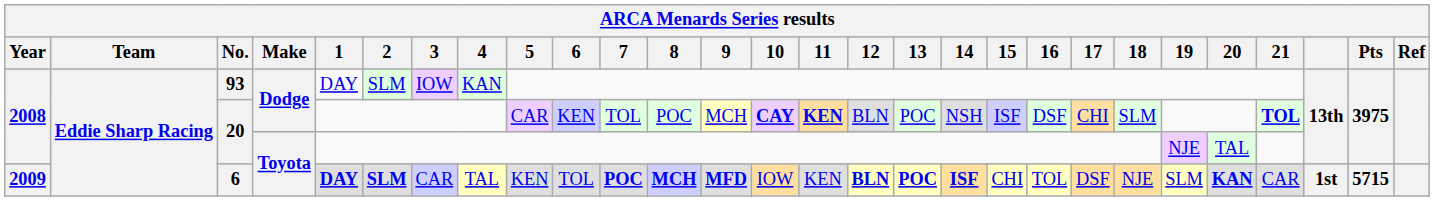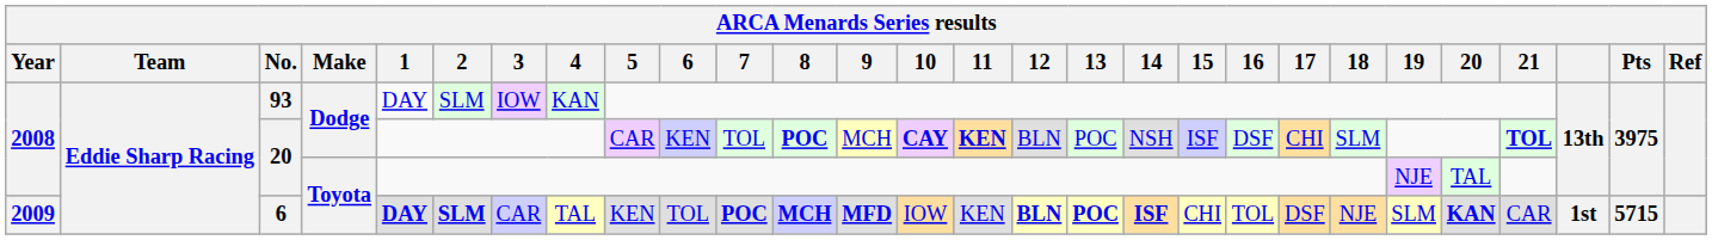 <table class="wikitable" style="text-align:center; font-size:75%">
 <tr>
 <th colspan=28><a href='#'>ARCA Menards Series</a> results</th>
 </tr>
 <tr>
 <th>Year</th>
 <th>Team</th>
 <th>No.</th>
 <th>Make</th>
 <th>1</th>
 <th>2</th>
 <th>3</th>
 <th>4</th>
 <th>5</th>
 <th>6</th>
 <th>7</th>
 <th>8</th>
 <th>9</th>
 <th>10</th>
 <th>11</th>
 <th>12</th>
 <th>13</th>
 <th>14</th>
 <th>15</th>
 <th>16</th>
 <th>17</th>
 <th>18</th>
 <th>19</th>
 <th>20</th>
 <th>21</th>
 <th></th>
 <th>Pts</th>
 <th>Ref</th>
 </tr>
 <tr>
 <th rowspan=3><a href='#'>2008</a></th>
 <th rowspan=5><a href='#'>Eddie Sharp Racing</a></th>
 <th>93</th>
 <th rowspan=2><a href='#'>Dodge</a></th>
 <td><a href='#'>DAY</a></td>
 <td style="background:#DFFFDF;"><a href='#'>SLM</a><br></td>
 <td style="background:#EFCFFF;"><a href='#'>IOW</a><br></td>
 <td style="background:#DFFFDF;"><a href='#'>KAN</a><br></td>
 <td colspan=17></td>
 <th rowspan=3>13th</th>
 <th rowspan=3>3975</th>
 <th rowspan=3></th>
 </tr>
 <tr>
 <th rowspan=2>20</th>
 <td colspan=4></td>
 <td style="background:#EFCFFF;"><a href='#'>CAR</a><br></td>
 <td style="background:#CFCFFF;"><a href='#'>KEN</a><br></td>
 <td style="background:#DFFFDF;"><a href='#'>TOL</a><br></td>
-<td style="background:#DFFFDF;"><a href='#'>POC</a><br></td>
+<td style="background:#DFFFDF;"><strong><a href='#'>POC</a><br></strong></td>
 <td style="background:#FFFFBF;"><a href='#'>MCH</a><br></td>
 <td style="background:#EFCFFF;"><strong><a href='#'>CAY</a></strong><br></td>
 <td style="background:#FFDF9F;"><strong><a href='#'>KEN</a><br></strong></td>
 <td style="background:#DFDFDF;"><a href='#'>BLN</a><br></td>
 <td style="background:#DFFFDF;"><a href='#'>POC</a><br></td>
 <td style="background:#DFDFDF;"><a href='#'>NSH</a><br></td>
 <td style="background:#CFCFFF;"><a href='#'>ISF</a><br></td>
 <td style="background:#DFFFDF;"><a href='#'>DSF</a><br></td>
 <td style="background:#FFDF9F;"><a href='#'>CHI</a><br></td>
 <td style="background:#DFFFDF;"><a href='#'>SLM</a><br></td>
 <td colspan=2></td>
 <td style="background:#DFFFDF;"><strong><a href='#'>TOL</a></strong><br></td>
 </tr>
 <tr>
 <th rowspan=2><a href='#'>Toyota</a></th>
 <td colspan=18></td>
 <td style="background:#EFCFFF;"><a href='#'>NJE</a><br></td>
 <td style="background:#DFFFDF;"><a href='#'>TAL</a><br></td>
 <td></td>
 </tr>
 <tr>
 <th><a href='#'>2009</a></th>
 <th>6</th>
 <td style="background:#DFDFDF;"><strong><a href='#'>DAY</a></strong><br></td>
 <td style="background:#DFDFDF;"><strong><a href='#'>SLM</a></strong><br></td>
 <td style="background:#CFCFFF;"><a href='#'>CAR</a><br></td>
 <td style="background:#FFFFBF;"><a href='#'>TAL</a><br></td>
 <td style="background:#DFDFDF;"><a href='#'>KEN</a><br></td>
 <td style="background:#DFDFDF;"><a href='#'>TOL</a><br></td>
 <td style="background:#DFDFDF;"><strong><a href='#'>POC</a></strong><br></td>
 <td style="background:#CFCFFF;"><strong><a href='#'>MCH</a></strong><br></td>
 <td style="background:#DFDFDF;"><strong><a href='#'>MFD</a></strong><br></td>
 <td style="background:#FFDF9F;"><a href='#'>IOW</a><br></td>
 <td style="background:#DFDFDF;"><a href='#'>KEN</a><br></td>
 <td style="background:#FFFFBF;"><strong><a href='#'>BLN</a></strong><br></td>
 <td style="background:#FFFFBF;"><strong><a href='#'>POC</a></strong><br></td>
 <td style="background:#FFDF9F;"><strong><a href='#'>ISF</a></strong><br></td>
 <td style="background:#FFFFBF;"><a href='#'>CHI</a><br></td>
 <td style="background:#FFFFBF;"><a href='#'>TOL</a><br></td>
 <td style="background:#FFDF9F;"><a href='#'>DSF</a><br></td>
 <td style="background:#FFDF9F;"><a href='#'>NJE</a><br></td>
 <td style="background:#FFFFBF;"><a href='#'>SLM</a><br></td>
 <td style="background:#DFDFDF;"><strong><a href='#'>KAN</a></strong><br></td>
 <td style="background:#DFDFDF;"><a href='#'>CAR</a><br></td>
 <th>1st</th>
 <th>5715</th>
 <th></th>
 </tr>
 </table>
